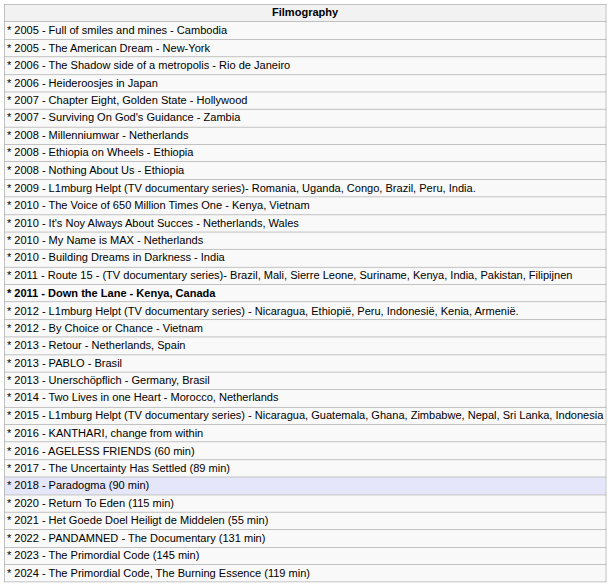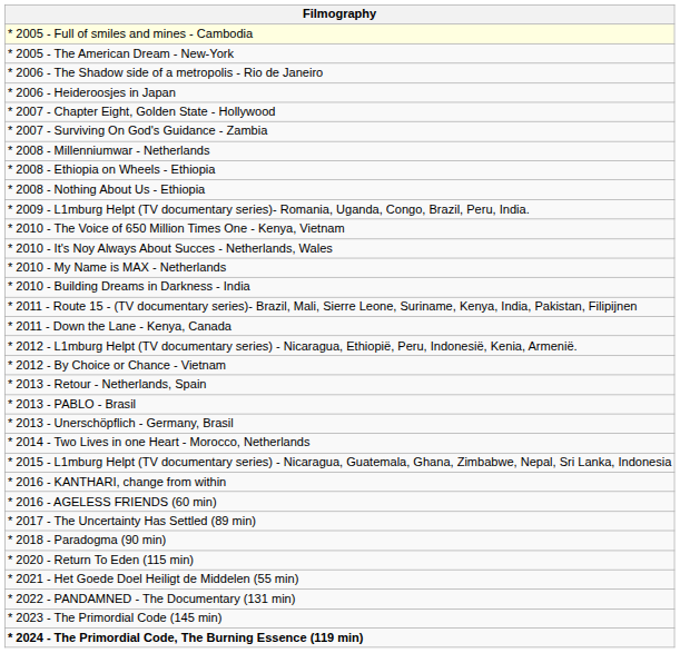 <table class="wikitable" border="1">
 <tr>
 <th>Filmography</th>
 </tr>
 <tr>
-<td>* 2005 - Full of smiles and mines - Cambodia</td>
+<td style="background: lightyellow;">* 2005 - Full of smiles and mines - Cambodia</td>
 </tr>
 <tr>
 <td>* 2005 - The American Dream - New-York</td>
 </tr>
 <tr>
 <td>* 2006 - The Shadow side of a metropolis - Rio de Janeiro</td>
 </tr>
 <tr>
 <td>* 2006 - Heideroosjes in Japan</td>
 </tr>
 <tr>
 <td>* 2007 - Chapter Eight, Golden State - Hollywood</td>
 </tr>
 <tr>
 <td>* 2007 - Surviving On God's Guidance - Zambia</td>
 </tr>
 <tr>
 <td>* 2008 - Millenniumwar - Netherlands</td>
 </tr>
 <tr>
 <td>* 2008 - Ethiopia on Wheels - Ethiopia</td>
 </tr>
 <tr>
 <td>* 2008 - Nothing About Us - Ethiopia</td>
 </tr>
 <tr>
 <td>* 2009 - L1mburg Helpt (TV documentary series)- Romania, Uganda, Congo, Brazil, Peru, India.</td>
 </tr>
 <tr>
 <td>* 2010 - The Voice of 650 Million Times One - Kenya, Vietnam</td>
 </tr>
 <tr>
 <td>* 2010 - It's Noy Always About Succes - Netherlands, Wales</td>
 </tr>
 <tr>
 <td>* 2010 - My Name is MAX - Netherlands</td>
 </tr>
 <tr>
 <td>* 2010 - Building Dreams in Darkness - India</td>
 </tr>
 <tr>
 <td>* 2011 - Route 15 - (TV documentary series)- Brazil, Mali, Sierre Leone, Suriname, Kenya, India, Pakistan, Filipijnen</td>
 </tr>
 <tr>
-<td><strong>* 2011 - Down the Lane - Kenya, Canada</strong></td>
+<td>* 2011 - Down the Lane - Kenya, Canada</td>
 </tr>
 <tr>
 <td>* 2012 - L1mburg Helpt (TV documentary series) - Nicaragua, Ethiopië, Peru, Indonesië, Kenia, Armenië.</td>
 </tr>
 <tr>
 <td>* 2012 - By Choice or Chance - Vietnam</td>
 </tr>
 <tr>
 <td>* 2013 - Retour - Netherlands, Spain</td>
 </tr>
 <tr>
 <td>* 2013 - PABLO - Brasil</td>
 </tr>
 <tr>
 <td>* 2013 - Unerschöpflich - Germany, Brasil</td>
 </tr>
 <tr>
 <td>* 2014 - Two Lives in one Heart - Morocco, Netherlands</td>
 </tr>
 <tr>
 <td>* 2015 - L1mburg Helpt (TV documentary series) - Nicaragua, Guatemala, Ghana, Zimbabwe, Nepal, Sri Lanka, Indonesia</td>
 </tr>
 <tr>
 <td>* 2016 - KANTHARI, change from within</td>
 </tr>
 <tr>
 <td>* 2016 - AGELESS FRIENDS (60 min)</td>
 </tr>
 <tr>
 <td>* 2017 - The Uncertainty Has Settled (89 min)</td>
 </tr>
 <tr>
-<td style="background: lavender;">* 2018 - Paradogma (90 min)</td>
+<td>* 2018 - Paradogma (90 min)</td>
 </tr>
 <tr>
 <td>* 2020 - Return To Eden (115 min)</td>
 </tr>
 <tr>
 <td>* 2021 - Het Goede Doel Heiligt de Middelen (55 min)</td>
 </tr>
 <tr>
 <td>* 2022 - PANDAMNED - The Documentary (131 min)</td>
 </tr>
 <tr>
 <td>* 2023 - The Primordial Code (145 min)</td>
 </tr>
 <tr>
-<td>* 2024 - The Primordial Code, The Burning Essence (119 min)</td>
+<td><strong>* 2024 - The Primordial Code, The Burning Essence (119 min)</strong></td>
 </tr>
 </table>
